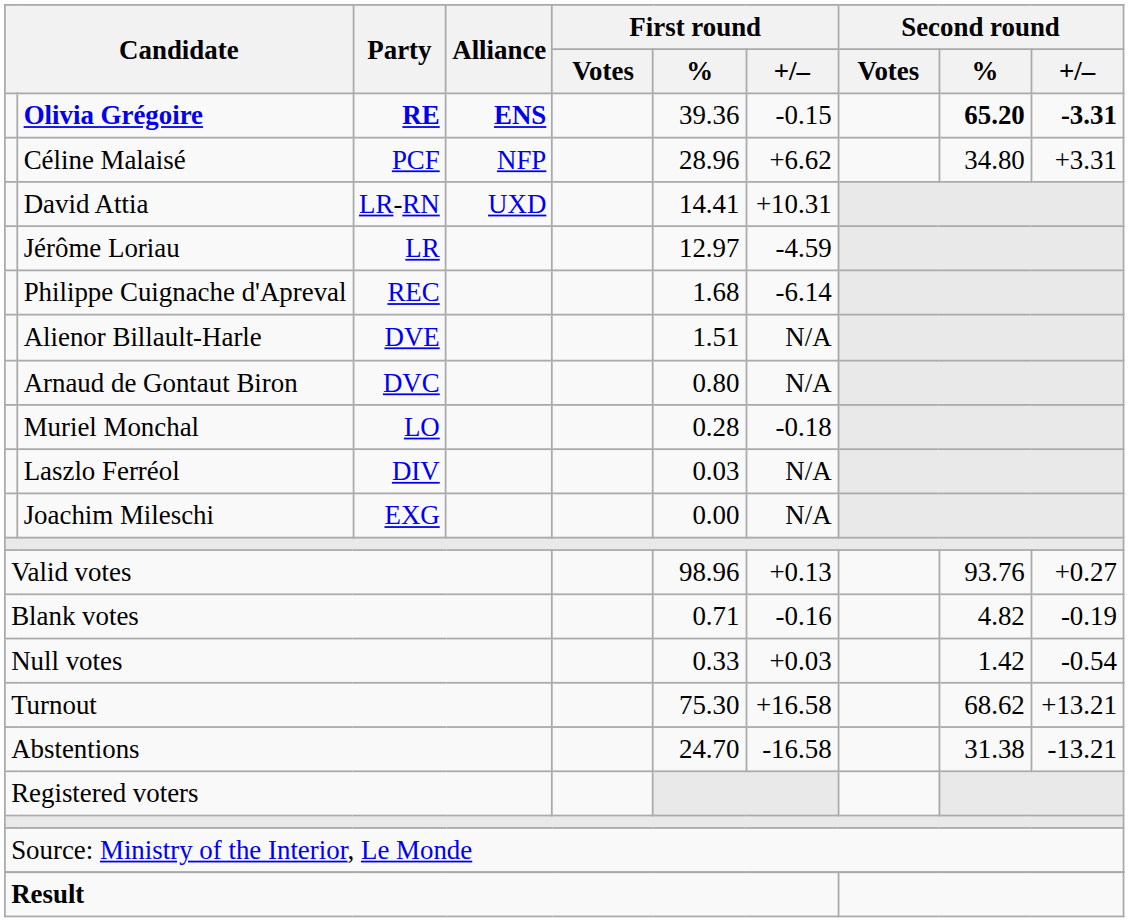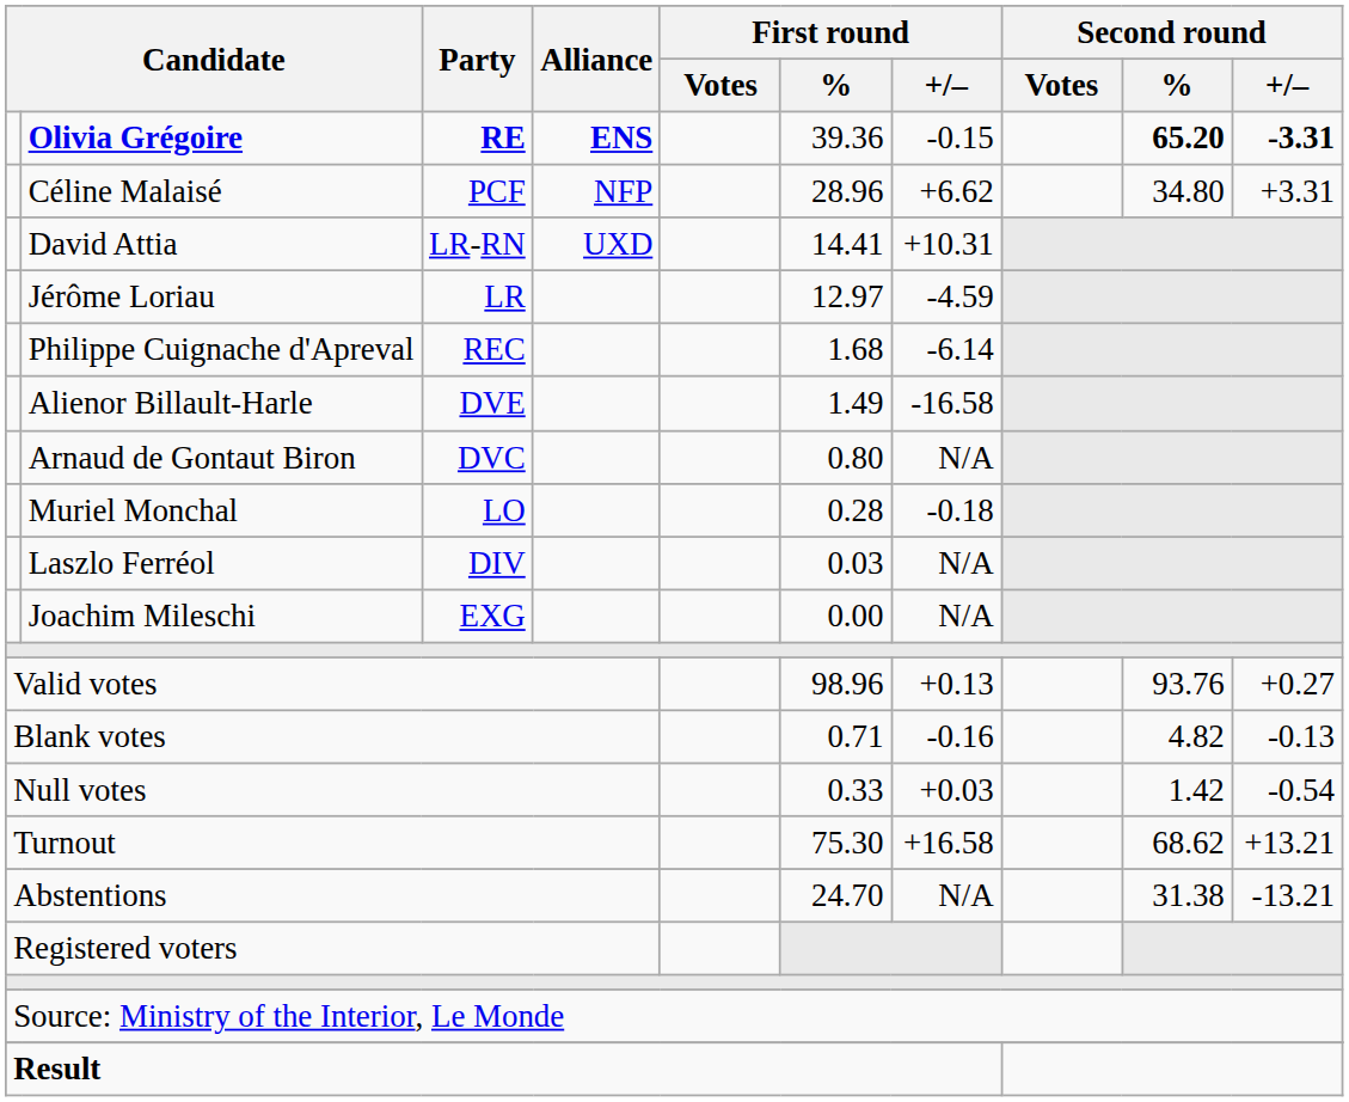 <table class="wikitable" style="text-align:right;font-size:95%;">
 <tr>
 <th rowspan="2" colspan="2">Candidate</th>
 <th rowspan="2">Party</th>
 <th rowspan="2">Alliance</th>
 <th colspan="3">First round</th>
 <th colspan="3">Second round</th>
 </tr>
 <tr>
 <th style="width:50px;">Votes</th>
 <th style="width:45px;">%</th>
 <th style="width:45px;">+/–</th>
 <th style="width:50px;">Votes</th>
 <th style="width:45px;">%</th>
 <th style="width:45px;">+/–</th>
 </tr>
 <tr>
 <td style="color:inherit;background:"></td>
 <td style="text-align:left;"><strong><a href='#'>Olivia Grégoire</a></strong></td>
 <td><a href='#'><strong>RE</strong></a></td>
 <td><a href='#'><strong>ENS</strong></a></td>
 <td></td>
 <td>39.36</td>
 <td>-0.15</td>
 <td><strong></strong></td>
 <td><strong>65.20</strong></td>
 <td><strong>-3.31</strong></td>
 </tr>
 <tr>
 <td style="color:inherit;background:"></td>
 <td style="text-align:left;">Céline Malaisé</td>
 <td><a href='#'>PCF</a></td>
 <td><a href='#'>NFP</a></td>
 <td></td>
 <td>28.96</td>
 <td>+6.62</td>
 <td></td>
 <td>34.80</td>
 <td>+3.31</td>
 </tr>
 <tr>
 <td style="color:inherit;background:"></td>
 <td style="text-align:left;">David Attia</td>
 <td><a href='#'>LR</a>-<a href='#'>RN</a></td>
 <td><a href='#'>UXD</a></td>
 <td></td>
 <td>14.41</td>
 <td>+10.31</td>
 <td colspan="3" style="background:#E9E9E9;"></td>
 </tr>
 <tr>
 <td style="color:inherit;background:"></td>
 <td style="text-align:left;">Jérôme Loriau</td>
 <td><a href='#'>LR</a></td>
 <td></td>
 <td></td>
 <td>12.97</td>
 <td>-4.59</td>
 <td colspan="3" style="background:#E9E9E9;"></td>
 </tr>
 <tr>
 <td style="color:inherit;background:"></td>
 <td style="text-align:left;">Philippe Cuignache d'Apreval</td>
 <td><a href='#'>REC</a></td>
 <td></td>
 <td></td>
 <td>1.68</td>
 <td>-6.14</td>
 <td colspan="3" style="background:#E9E9E9;"></td>
 </tr>
 <tr>
 <td style="color:inherit;background:"></td>
 <td style="text-align:left;">Alienor Billault-Harle</td>
 <td><a href='#'>DVE</a></td>
 <td></td>
 <td></td>
-<td>1.51</td>
-<td>N/A</td>
+<td>1.49</td>
+<td>-16.58</td>
 <td colspan="3" style="background:#E9E9E9;"></td>
 </tr>
 <tr>
 <td style="color:inherit;background:"></td>
 <td style="text-align:left;">Arnaud de Gontaut Biron</td>
 <td><a href='#'>DVC</a></td>
 <td></td>
 <td></td>
 <td>0.80</td>
 <td>N/A</td>
 <td colspan="3" style="background:#E9E9E9;"></td>
 </tr>
 <tr>
 <td style="color:inherit;background:"></td>
 <td style="text-align:left;">Muriel Monchal</td>
 <td><a href='#'>LO</a></td>
 <td></td>
 <td></td>
 <td>0.28</td>
 <td>-0.18</td>
 <td colspan="3" style="background:#E9E9E9;"></td>
 </tr>
 <tr>
 <td style="color:inherit;background:"></td>
 <td style="text-align:left;">Laszlo Ferréol</td>
 <td><a href='#'>DIV</a></td>
 <td></td>
 <td></td>
 <td>0.03</td>
 <td>N/A</td>
 <td colspan="3" style="background:#E9E9E9;"></td>
 </tr>
 <tr>
 <td style="color:inherit;background:"></td>
 <td style="text-align:left;">Joachim Mileschi</td>
 <td><a href='#'>EXG</a></td>
 <td></td>
 <td></td>
 <td>0.00</td>
 <td>N/A</td>
 <td colspan="3" style="background:#E9E9E9;"></td>
 </tr>
 <tr>
 <td colspan="10" style="background:#E9E9E9;"></td>
 </tr>
 <tr>
 <td colspan="4" style="text-align:left;">Valid votes</td>
 <td></td>
 <td>98.96</td>
 <td>+0.13</td>
 <td></td>
 <td>93.76</td>
 <td>+0.27</td>
 </tr>
 <tr>
 <td colspan="4" style="text-align:left;">Blank votes</td>
 <td></td>
 <td>0.71</td>
 <td>-0.16</td>
 <td></td>
 <td>4.82</td>
-<td>-0.19</td>
+<td>-0.13</td>
 </tr>
 <tr>
 <td colspan="4" style="text-align:left;">Null votes</td>
 <td></td>
 <td>0.33</td>
 <td>+0.03</td>
 <td></td>
 <td>1.42</td>
 <td>-0.54</td>
 </tr>
 <tr>
 <td colspan="4" style="text-align:left;">Turnout</td>
 <td></td>
 <td>75.30</td>
 <td>+16.58</td>
 <td></td>
 <td>68.62</td>
 <td>+13.21</td>
 </tr>
 <tr>
 <td colspan="4" style="text-align:left;">Abstentions</td>
 <td></td>
 <td>24.70</td>
-<td>-16.58</td>
+<td>N/A</td>
 <td></td>
 <td>31.38</td>
 <td>-13.21</td>
 </tr>
 <tr>
 <td colspan="4" style="text-align:left;">Registered voters</td>
 <td></td>
 <td colspan="2" style="background:#E9E9E9;"></td>
 <td></td>
 <td colspan="2" style="background:#E9E9E9;"></td>
 </tr>
 <tr>
 <td colspan="10" style="background:#E9E9E9;"></td>
 </tr>
 <tr>
 <td colspan="10" style="text-align:left;">Source: <a href='#'>Ministry of the Interior</a>, <a href='#'>Le Monde</a></td>
 </tr>
 <tr>
 </tr>
 <tr style="font-weight:bold">
 <td colspan="7" style="text-align:left;">Result</td>
 <td colspan="7" style="background-color:"></td>
 </tr>
 </table>
